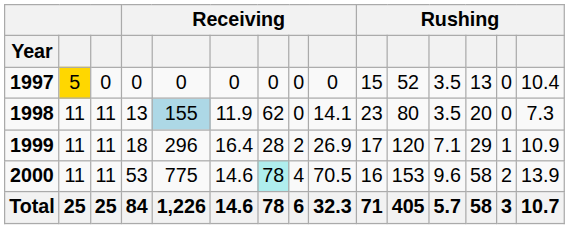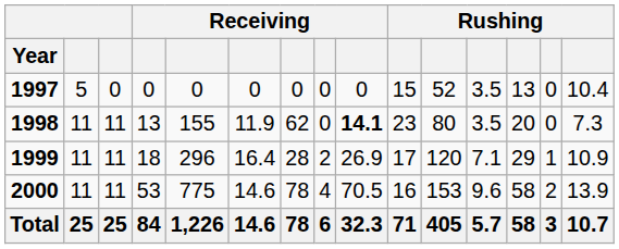 <table class="wikitable sortable">
 <tr>
 <th colspan="3" style="text-align:center;"></th>
 <th colspan="6" style="text-align:center;"><strong>Receiving</strong></th>
 <th colspan="6" style="text-align:center;"><strong>Rushing</strong></th>
 </tr>
 <tr style="text-align:center;">
 <th>Year</th>
 <th></th>
 <th></th>
 <th></th>
 <th></th>
 <th></th>
 <th></th>
 <th></th>
 <th></th>
 <th></th>
 <th></th>
 <th></th>
 <th></th>
 <th></th>
 <th></th>
 </tr>
 <tr style="text-align:center;">
 <td><strong>1997</strong></td>
-<td style="background: gold;">5</td>
+<td>5</td>
 <td>0</td>
 <td>0</td>
 <td>0</td>
 <td>0</td>
 <td>0</td>
 <td>0</td>
 <td>0</td>
 <td>15</td>
 <td>52</td>
 <td>3.5</td>
 <td>13</td>
 <td>0</td>
 <td>10.4</td>
 </tr>
 <tr style="text-align:center;">
 <td><strong>1998</strong></td>
 <td>11</td>
 <td>11</td>
 <td>13</td>
-<td style="background: lightblue;">155</td>
+<td>155</td>
 <td>11.9</td>
 <td>62</td>
 <td>0</td>
-<td>14.1</td>
+<td><strong>14.1</strong></td>
 <td>23</td>
 <td>80</td>
 <td>3.5</td>
 <td>20</td>
 <td>0</td>
 <td>7.3</td>
 </tr>
 <tr style="text-align:center;">
 <td><strong>1999</strong></td>
 <td>11</td>
 <td>11</td>
 <td>18</td>
 <td>296</td>
 <td>16.4</td>
 <td>28</td>
 <td>2</td>
 <td>26.9</td>
 <td>17</td>
 <td>120</td>
 <td>7.1</td>
 <td>29</td>
 <td>1</td>
 <td>10.9</td>
 </tr>
 <tr style="text-align:center;">
 <td><strong>2000</strong></td>
 <td>11</td>
 <td>11</td>
 <td>53</td>
 <td>775</td>
 <td>14.6</td>
-<td style="background: paleturquoise;">78</td>
+<td>78</td>
 <td>4</td>
 <td>70.5</td>
 <td>16</td>
 <td>153</td>
 <td>9.6</td>
 <td>58</td>
 <td>2</td>
 <td>13.9</td>
 </tr>
 <tr class="sortbottom" style="background:#eee;">
 <th><strong>Total</strong></th>
 <th>25</th>
 <th>25</th>
 <th>84</th>
 <th>1,226</th>
 <th>14.6</th>
 <th>78</th>
 <th>6</th>
 <th>32.3</th>
 <th>71</th>
 <th>405</th>
 <th>5.7</th>
 <th>58</th>
 <th>3</th>
 <th>10.7</th>
 </tr>
 </table>
